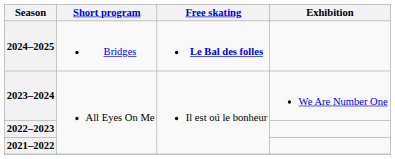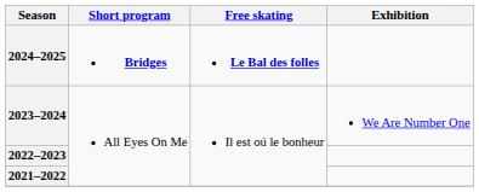 <table class=wikitable style=text-align:center>
 <tr>
 <th>Season</th>
 <th><a href='#'>Short program</a></th>
 <th><a href='#'>Free skating</a></th>
 <th>Exhibition</th>
 </tr>
 <tr>
 <th>2024–2025 <br></th>
-<td><br><ul><li><a href='#'>Bridges</a> <br> </li></ul></td>
+<td><strong><br><ul><li><a href='#'>Bridges</a> <br> </li></ul></strong></td>
 <td><strong><br><ul><li><a href='#'>Le Bal des folles</a> <br> </li></ul></strong></td>
 <td></td>
 </tr>
 <tr>
 <th>2023–2024 <br></th>
 <td rowspan=3><br><ul><li>All Eyes On Me <br></li></ul></td>
 <td rowspan=3><br><ul><li>Il est oú le bonheur <br></li></ul></td>
 <td><br><ul><li><a href='#'>We Are Number One</a> <br></li></ul></td>
 </tr>
 <tr>
 <th>2022–2023 <br></th>
 <td></td>
 </tr>
 <tr>
 <th>2021–2022 <br></th>
 <td></td>
 </tr>
 <tr>
 </tr>
 </table>
